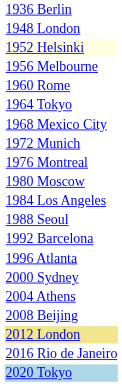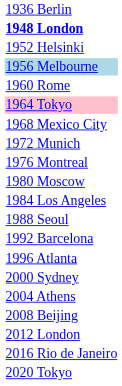 <table>
 <tr>
 <td><a href='#'>1936 Berlin</a><br></td>
 <td></td>
 <td></td>
 <td></td>
 </tr>
 <tr>
-<td><a href='#'>1948 London</a><br></td>
+<td><strong><a href='#'>1948 London</a><br></strong></td>
 <td></td>
 <td></td>
 <td></td>
 </tr>
 <tr>
-<td style="background: lightyellow;"><a href='#'>1952 Helsinki</a><br></td>
+<td><a href='#'>1952 Helsinki</a><br></td>
 <td></td>
 <td></td>
 <td></td>
 </tr>
 <tr>
-<td><a href='#'>1956 Melbourne</a><br></td>
+<td style="background: lightblue;"><a href='#'>1956 Melbourne</a><br></td>
 <td></td>
 <td></td>
 <td></td>
 </tr>
 <tr>
 <td><a href='#'>1960 Rome</a><br></td>
 <td></td>
 <td></td>
 <td></td>
 </tr>
 <tr>
-<td><a href='#'>1964 Tokyo</a><br></td>
+<td style="background: pink;"><a href='#'>1964 Tokyo</a><br></td>
 <td></td>
 <td></td>
 <td></td>
 </tr>
 <tr>
 <td><a href='#'>1968 Mexico City</a><br></td>
 <td></td>
 <td></td>
 <td></td>
 </tr>
 <tr>
 <td><a href='#'>1972 Munich</a><br></td>
 <td></td>
 <td></td>
 <td></td>
 </tr>
 <tr valign="top">
 <td><a href='#'>1976 Montreal</a><br></td>
 <td></td>
 <td></td>
 <td></td>
 </tr>
 <tr>
 <td><a href='#'>1980 Moscow</a><br></td>
 <td></td>
 <td></td>
 <td></td>
 </tr>
 <tr>
 <td><a href='#'>1984 Los Angeles</a><br></td>
 <td></td>
 <td></td>
 <td></td>
 </tr>
 <tr>
 <td><a href='#'>1988 Seoul</a><br></td>
 <td></td>
 <td></td>
 <td></td>
 </tr>
 <tr>
 <td><a href='#'>1992 Barcelona</a><br></td>
 <td></td>
 <td></td>
 <td></td>
 </tr>
 <tr>
 <td><a href='#'>1996 Atlanta</a><br></td>
 <td></td>
 <td></td>
 <td></td>
 </tr>
 <tr>
 <td><a href='#'>2000 Sydney</a><br></td>
 <td></td>
 <td></td>
 <td></td>
 </tr>
 <tr>
 <td><a href='#'>2004 Athens</a><br></td>
 <td></td>
 <td></td>
 <td></td>
 </tr>
 <tr>
 <td><a href='#'>2008 Beijing</a><br></td>
 <td></td>
 <td></td>
 <td></td>
 </tr>
 <tr>
-<td style="background: khaki;"><a href='#'>2012 London</a><br></td>
+<td><a href='#'>2012 London</a><br></td>
 <td></td>
 <td></td>
 <td></td>
 </tr>
 <tr>
 <td><a href='#'>2016 Rio de Janeiro</a><br></td>
 <td></td>
 <td></td>
 <td></td>
 </tr>
 <tr>
-<td style="background: lightblue;"><a href='#'>2020 Tokyo</a><br></td>
+<td><a href='#'>2020 Tokyo</a><br></td>
 <td></td>
 <td></td>
 <td></td>
 </tr>
 <tr>
 </tr>
 </table>
